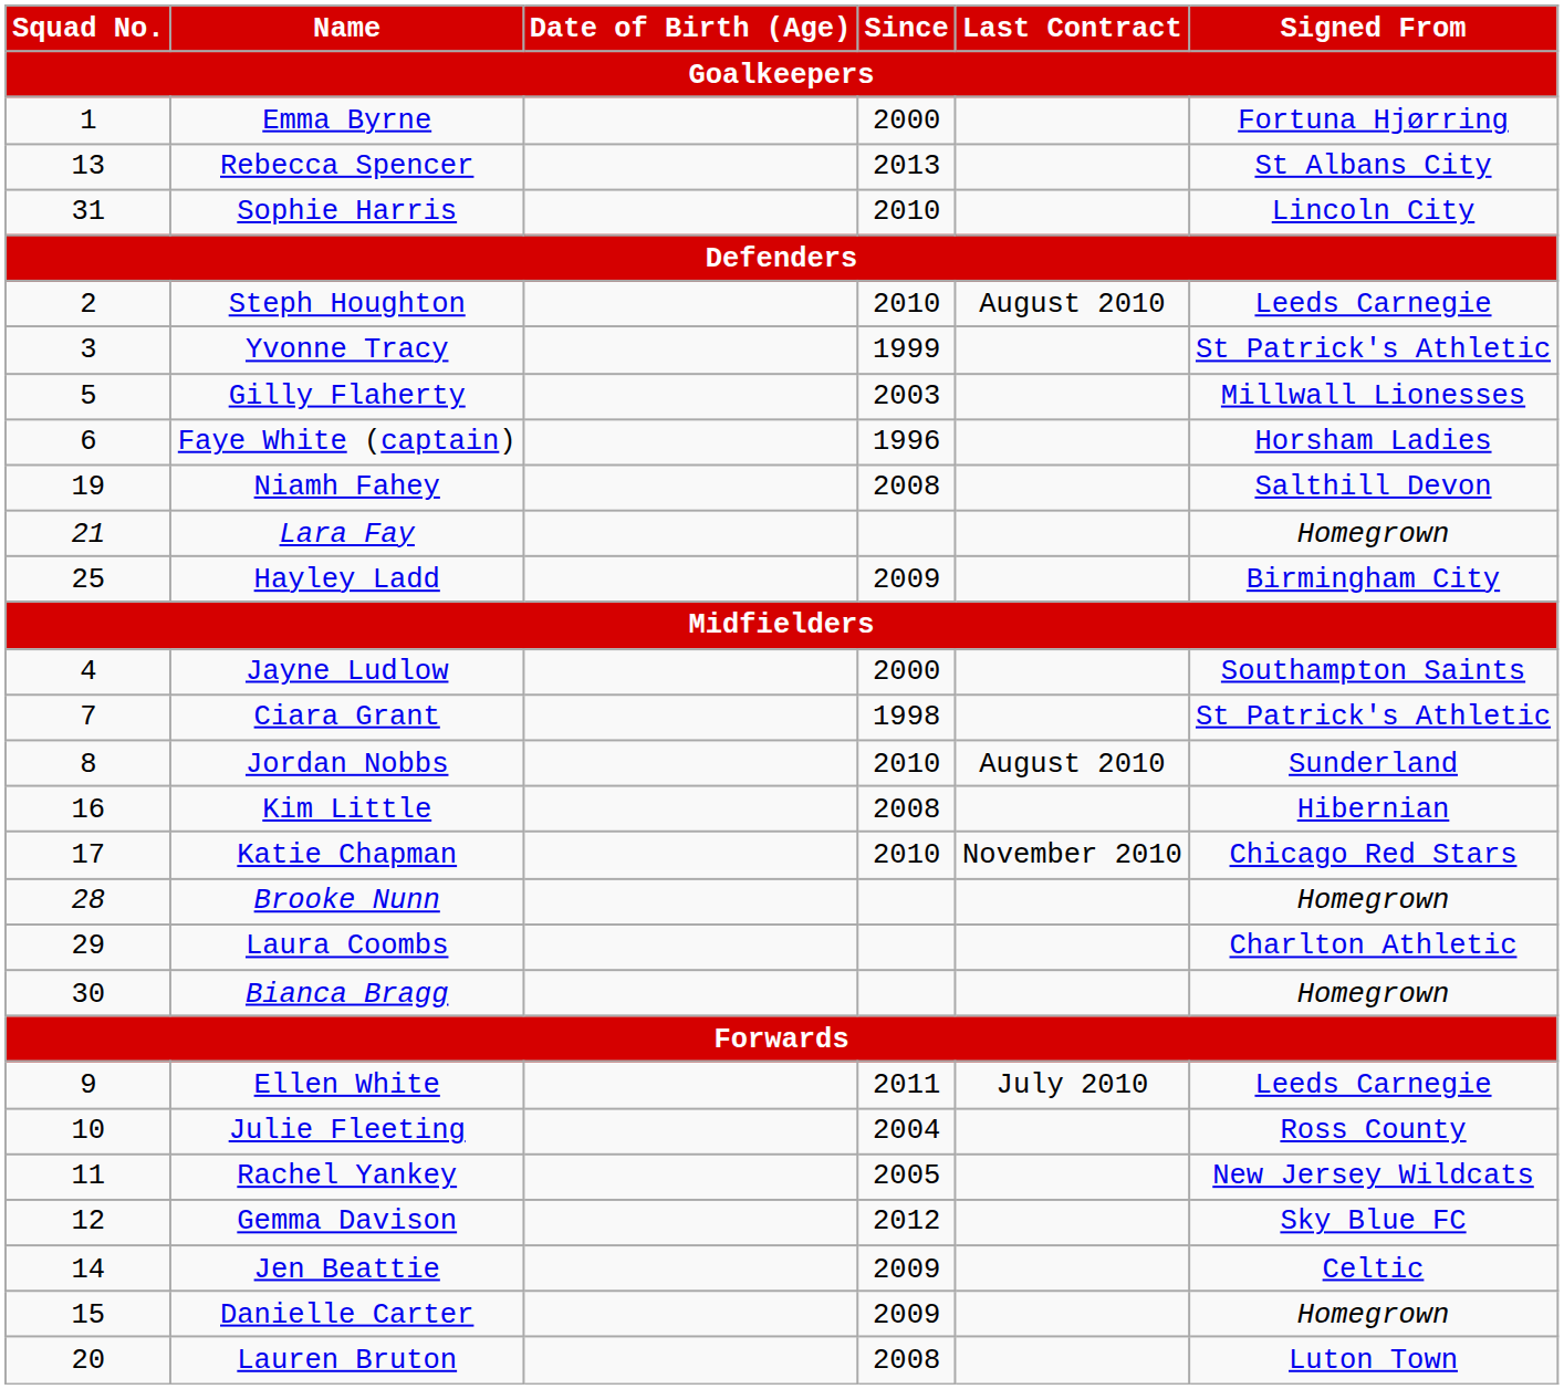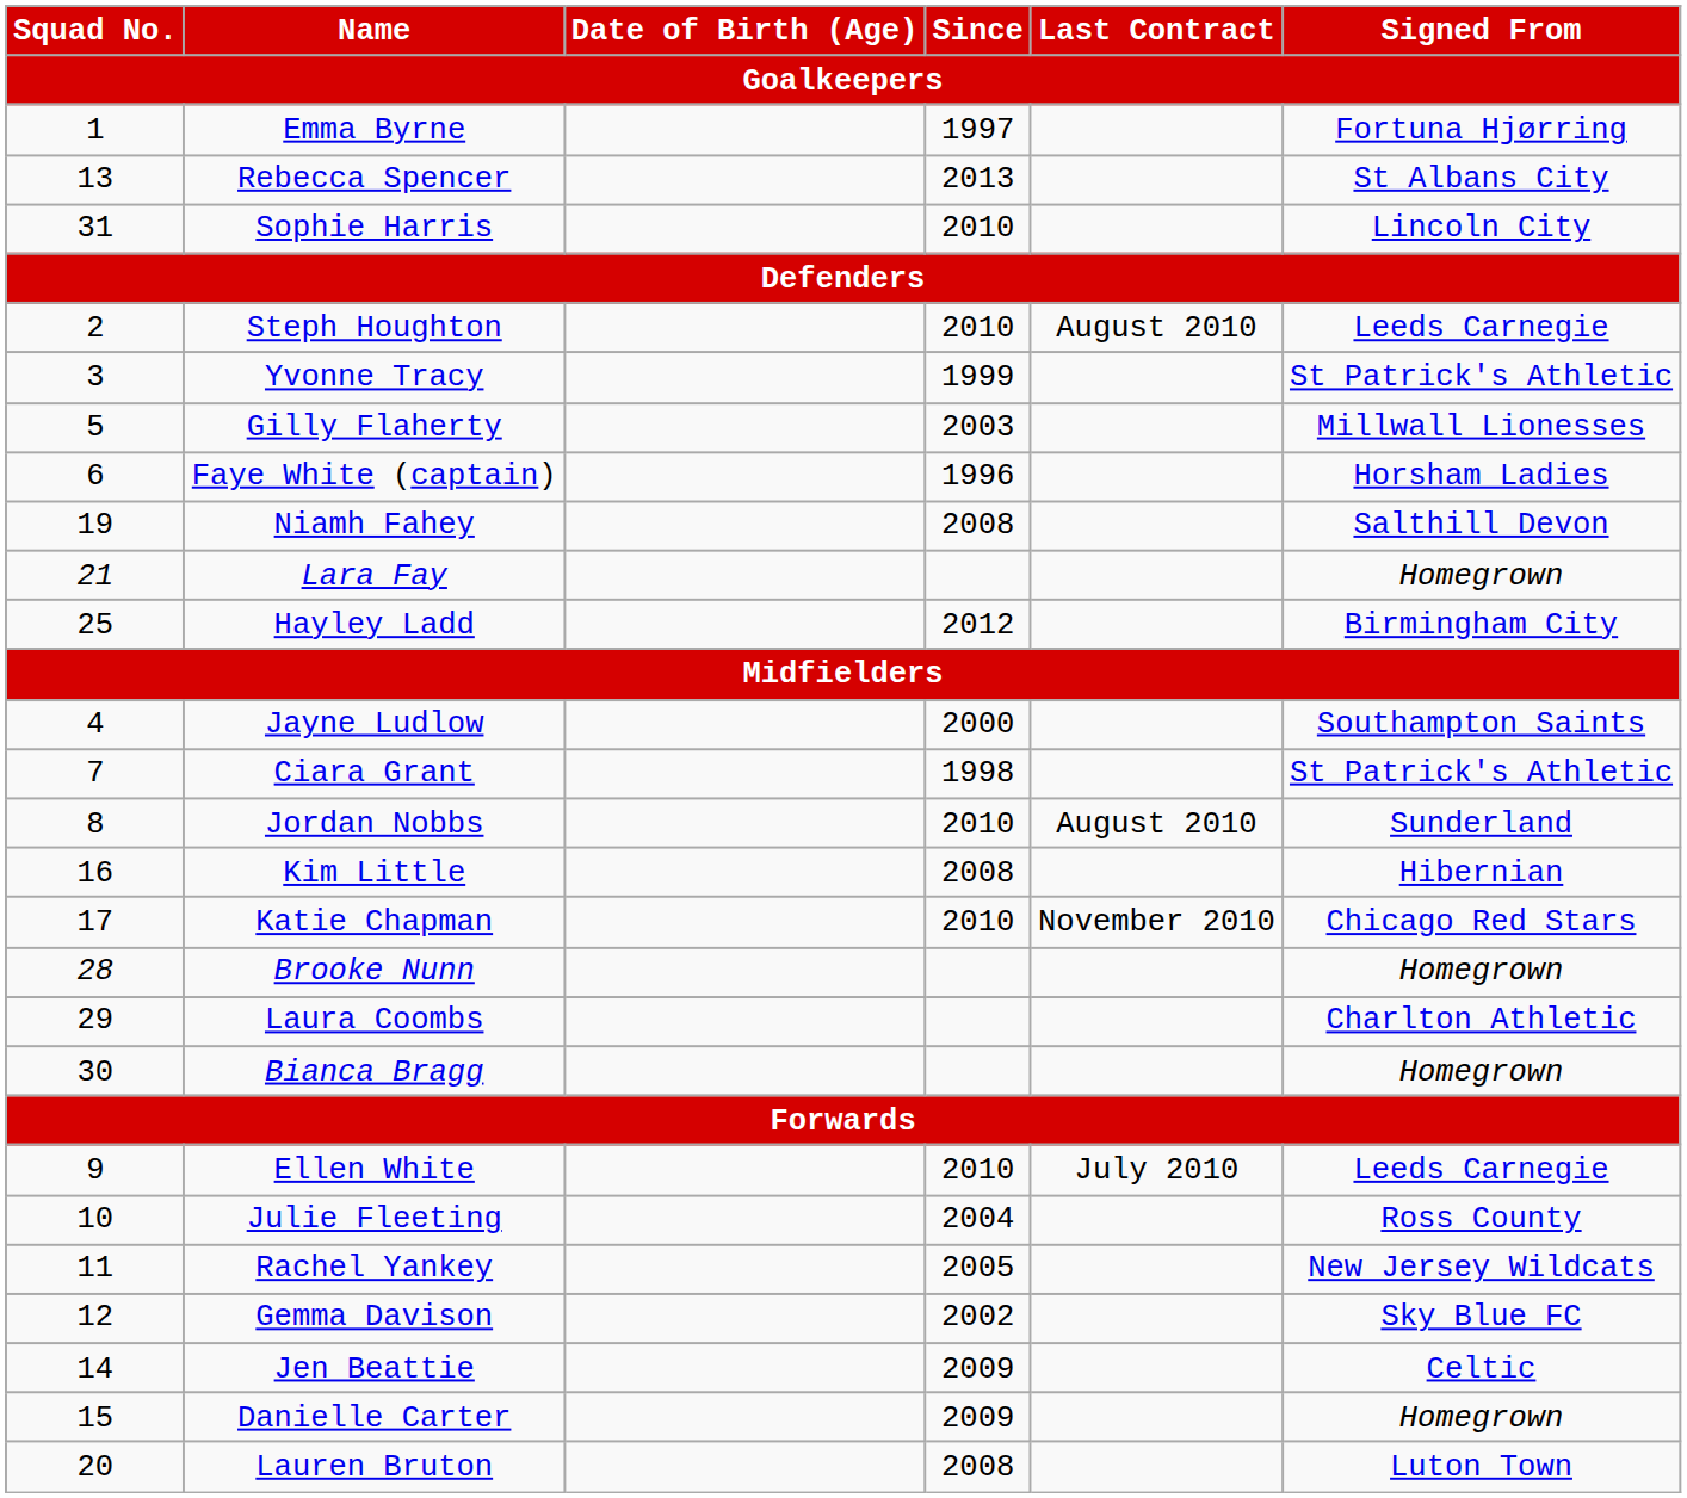 <table class="wikitable" style="text-align:center; font-size:100%; ">
 <tr>
 <th style="background:#d50000; color:white; text-align:center;">Squad No.</th>
 <th style="background:#d50000; color:white; text-align:center;">Name</th>
 <th style="background:#d50000; color:white; text-align:center;">Date of Birth (Age)</th>
 <th style="background:#d50000; color:white; text-align:center;">Since</th>
 <th style="background:#d50000; color:white; text-align:center;">Last Contract</th>
 <th style="background:#d50000; color:white; text-align:center;">Signed From</th>
 </tr>
 <tr>
 <th colspan="6" style="background:#d50000; color:white; text-align:center">Goalkeepers</th>
 </tr>
 <tr>
 <td>1</td>
 <td> <a href='#'>Emma Byrne</a></td>
 <td></td>
-<td>2000</td>
+<td>1997</td>
 <td></td>
 <td> <a href='#'>Fortuna Hjørring</a></td>
 </tr>
 <tr>
 <td>13</td>
 <td><em></em> <a href='#'>Rebecca Spencer</a></td>
 <td></td>
 <td>2013</td>
 <td></td>
 <td> <a href='#'>St Albans City</a></td>
 </tr>
 <tr>
 <td>31</td>
 <td> <a href='#'>Sophie Harris</a></td>
 <td></td>
 <td>2010</td>
 <td></td>
 <td> <a href='#'>Lincoln City</a></td>
 </tr>
 <tr>
 <th colspan="6" style="background:#d50000; color:white; text-align:center">Defenders</th>
 </tr>
 <tr>
 <td>2</td>
 <td> <a href='#'>Steph Houghton</a></td>
 <td></td>
 <td>2010</td>
 <td>August 2010</td>
 <td> <a href='#'>Leeds Carnegie</a></td>
 </tr>
 <tr>
 <td>3</td>
 <td> <a href='#'>Yvonne Tracy</a></td>
 <td></td>
 <td>1999</td>
 <td></td>
 <td> <a href='#'>St Patrick's Athletic</a></td>
 </tr>
 <tr>
 <td>5</td>
 <td> <a href='#'>Gilly Flaherty</a></td>
 <td></td>
 <td>2003</td>
 <td></td>
 <td> <a href='#'>Millwall Lionesses</a></td>
 </tr>
 <tr>
 <td>6</td>
 <td> <a href='#'>Faye White</a> (<a href='#'>captain</a>)</td>
 <td></td>
 <td>1996</td>
 <td></td>
 <td> <a href='#'>Horsham Ladies</a></td>
 </tr>
 <tr>
 <td>19</td>
 <td> <a href='#'>Niamh Fahey</a></td>
 <td></td>
 <td>2008</td>
 <td></td>
 <td> <a href='#'>Salthill Devon</a></td>
 </tr>
 <tr>
 <td><em>21</em></td>
 <td><em> <a href='#'>Lara Fay</a></em></td>
 <td><em></em></td>
 <td></td>
 <td></td>
 <td><em>Homegrown</em></td>
 </tr>
 <tr>
 <td>25</td>
 <td> <a href='#'>Hayley Ladd</a></td>
 <td></td>
-<td>2009</td>
+<td>2012</td>
 <td></td>
 <td><em></em> <a href='#'>Birmingham City</a></td>
 </tr>
 <tr>
 <th colspan="6" style="background:#d50000; color:white; text-align:center">Midfielders</th>
 </tr>
 <tr>
 <td>4</td>
 <td> <a href='#'>Jayne Ludlow</a></td>
 <td></td>
 <td>2000</td>
 <td></td>
 <td><em></em> <a href='#'>Southampton Saints</a></td>
 </tr>
 <tr>
 <td>7</td>
 <td> <a href='#'>Ciara Grant</a></td>
 <td></td>
 <td>1998</td>
 <td></td>
 <td> <a href='#'>St Patrick's Athletic</a></td>
 </tr>
 <tr>
 <td>8</td>
 <td> <a href='#'>Jordan Nobbs</a></td>
 <td></td>
 <td>2010</td>
 <td>August 2010</td>
 <td> <a href='#'>Sunderland</a></td>
 </tr>
 <tr>
 <td>16</td>
 <td> <a href='#'>Kim Little</a></td>
 <td></td>
 <td>2008</td>
 <td></td>
 <td> <a href='#'>Hibernian</a></td>
 </tr>
 <tr>
 <td>17</td>
 <td><em></em> <a href='#'>Katie Chapman</a></td>
 <td></td>
 <td>2010</td>
 <td>November 2010</td>
 <td> <a href='#'>Chicago Red Stars</a></td>
 </tr>
 <tr>
 <td><em>28</em></td>
 <td><em> <a href='#'>Brooke Nunn</a></em></td>
 <td><em></em></td>
 <td></td>
 <td></td>
 <td><em>Homegrown</em></td>
 </tr>
 <tr>
 <td>29</td>
 <td><em></em> <a href='#'>Laura Coombs</a></td>
 <td></td>
 <td></td>
 <td></td>
 <td><em></em> <a href='#'>Charlton Athletic</a></td>
 </tr>
 <tr>
 <td>30</td>
 <td><em> <a href='#'>Bianca Bragg</a></em></td>
 <td><em></em></td>
 <td></td>
 <td></td>
 <td><em>Homegrown</em></td>
 </tr>
 <tr>
 <th colspan="6" style="background:#d50000; color:white; text-align:center">Forwards</th>
 </tr>
 <tr>
 <td>9</td>
 <td> <a href='#'>Ellen White</a></td>
 <td></td>
-<td>2011</td>
+<td>2010</td>
 <td>July 2010</td>
 <td> <a href='#'>Leeds Carnegie</a></td>
 </tr>
 <tr>
 <td>10</td>
 <td> <a href='#'>Julie Fleeting</a></td>
 <td></td>
 <td>2004</td>
 <td></td>
 <td> <a href='#'>Ross County</a></td>
 </tr>
 <tr>
 <td>11</td>
 <td> <a href='#'>Rachel Yankey</a></td>
 <td></td>
 <td>2005</td>
 <td></td>
 <td> <a href='#'>New Jersey Wildcats</a></td>
 </tr>
 <tr>
 <td>12</td>
 <td> <a href='#'>Gemma Davison</a></td>
 <td></td>
-<td>2012</td>
+<td>2002</td>
 <td></td>
 <td> <a href='#'>Sky Blue FC</a></td>
 </tr>
 <tr>
 <td>14</td>
 <td> <a href='#'>Jen Beattie</a></td>
 <td></td>
 <td>2009</td>
 <td></td>
 <td> <a href='#'>Celtic</a></td>
 </tr>
 <tr>
 <td>15</td>
 <td> <a href='#'>Danielle Carter</a></td>
 <td></td>
 <td>2009</td>
 <td></td>
 <td><em>Homegrown</em></td>
 </tr>
 <tr>
 <td>20</td>
 <td> <a href='#'>Lauren Bruton</a></td>
 <td></td>
 <td>2008</td>
 <td></td>
 <td> <a href='#'>Luton Town</a></td>
 </tr>
 </table>
